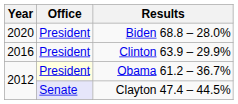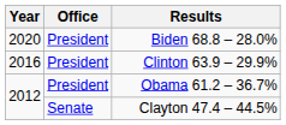 <table class=wikitable>
 <tr>
 <th width="30">Year</th>
 <th width="60">Office</th>
 <th width="180">Results</th>
 </tr>
 <tr>
 <td>2020</td>
 <td><a href='#'>President</a></td>
 <td align="right" ><a href='#'>Biden</a> 68.8 – 28.0%</td>
 </tr>
 <tr>
 <td>2016</td>
 <td><a href='#'>President</a></td>
 <td align="right" ><a href='#'>Clinton</a> 63.9 – 29.9%</td>
 </tr>
 <tr>
 <td rowspan="2">2012</td>
-<td style="background: lightyellow;"><a href='#'>President</a></td>
+<td><a href='#'>President</a></td>
 <td align="right" ><a href='#'>Obama</a> 61.2 – 36.7%</td>
 </tr>
 <tr>
-<td style="background: lavender;"><a href='#'>Senate</a></td>
+<td><a href='#'>Senate</a></td>
 <td align="right" >Clayton 47.4 – 44.5%</td>
 </tr>
 </table>
